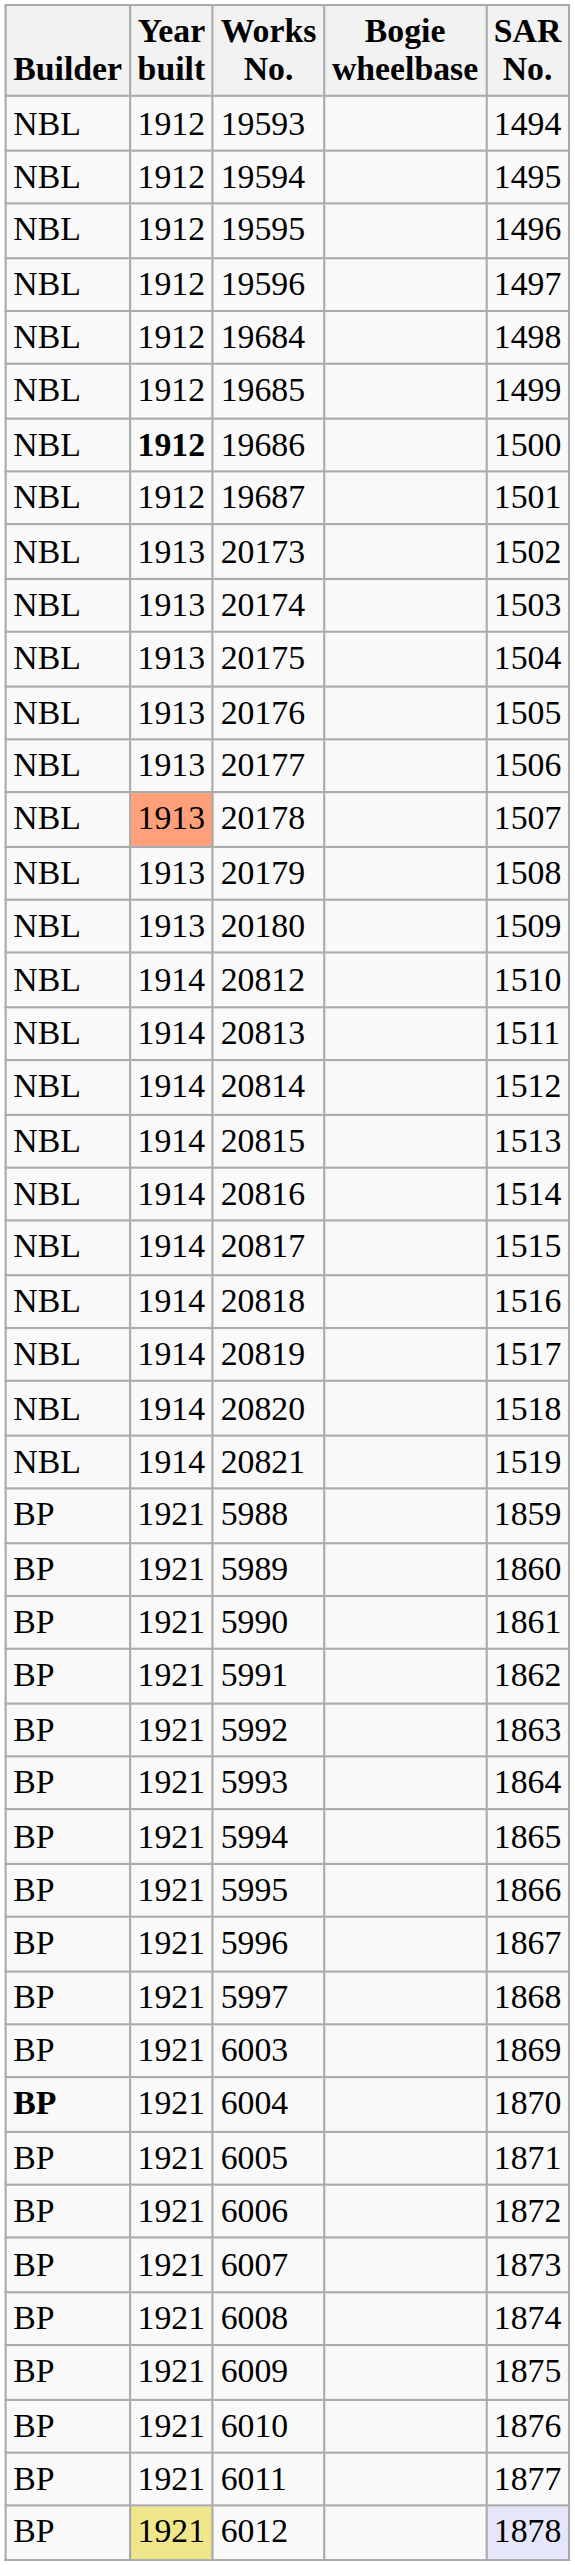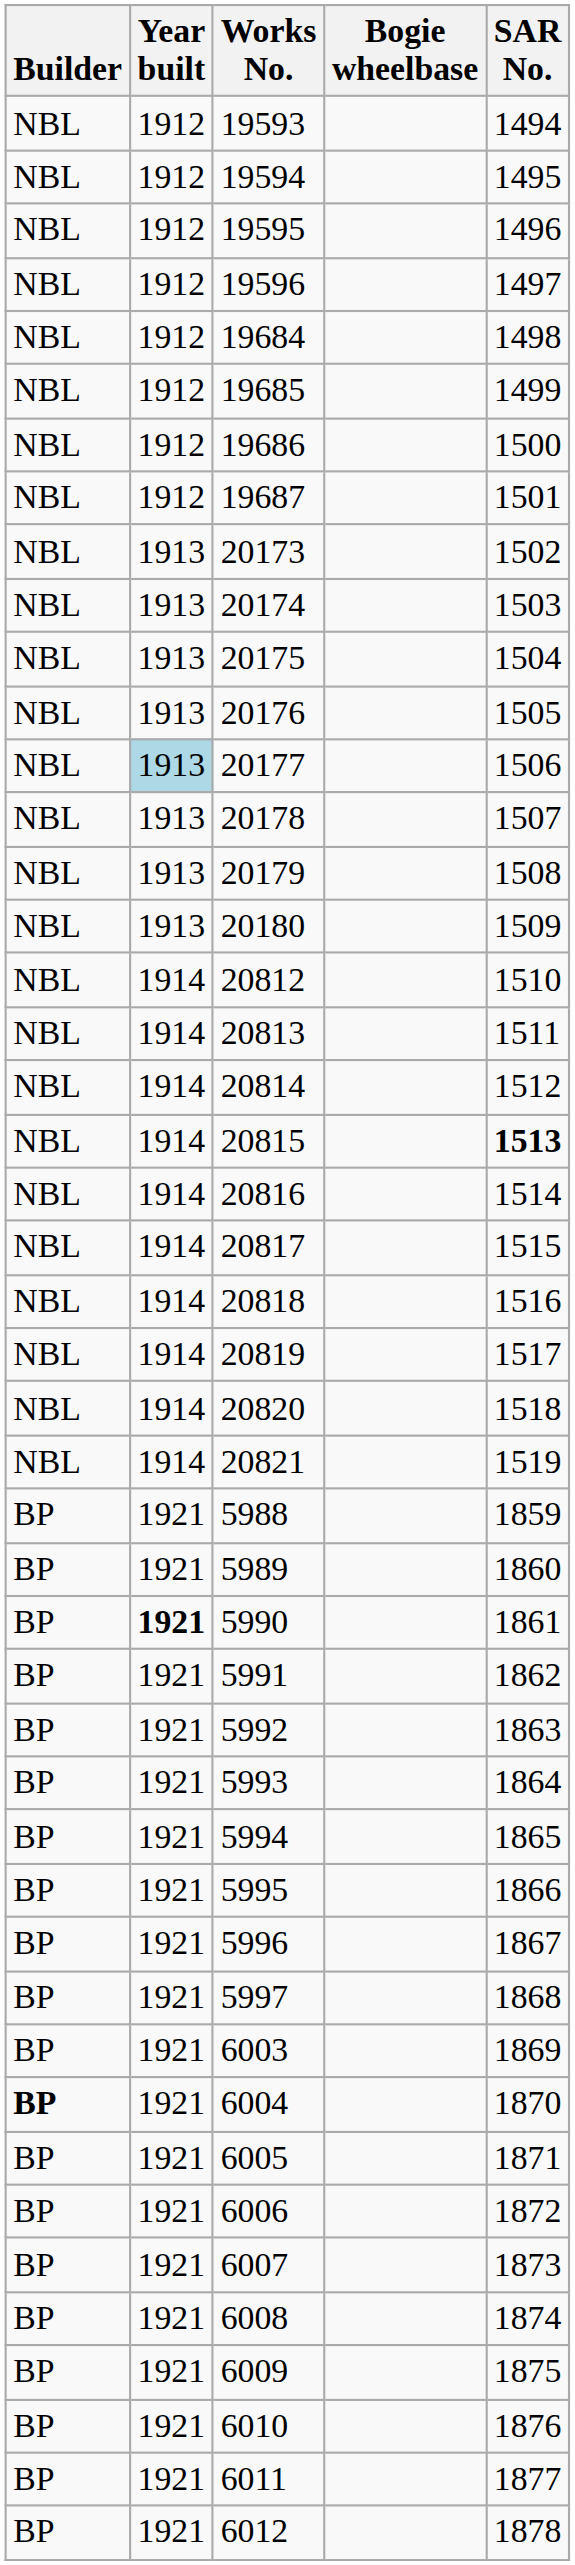 <table class="wikitable collapsible collapsed sortable" style="margin:0.5em auto; font-size:100%;">
 <tr>
 <th><br>Builder</th>
 <th>Year<br>built</th>
 <th>Works<br>No.</th>
 <th>Bogie<br>wheelbase</th>
 <th>SAR<br>No.</th>
 </tr>
 <tr>
 <td>NBL</td>
 <td>1912</td>
 <td>19593</td>
 <td></td>
 <td>1494</td>
 </tr>
 <tr>
 <td>NBL</td>
 <td>1912</td>
 <td>19594</td>
 <td></td>
 <td>1495</td>
 </tr>
 <tr>
 <td>NBL</td>
 <td>1912</td>
 <td>19595</td>
 <td></td>
 <td>1496</td>
 </tr>
 <tr>
 <td>NBL</td>
 <td>1912</td>
 <td>19596</td>
 <td></td>
 <td>1497</td>
 </tr>
 <tr>
 <td>NBL</td>
 <td>1912</td>
 <td>19684</td>
 <td></td>
 <td>1498</td>
 </tr>
 <tr>
 <td>NBL</td>
 <td>1912</td>
 <td>19685</td>
 <td></td>
 <td>1499</td>
 </tr>
 <tr>
 <td>NBL</td>
-<td><strong>1912</strong></td>
+<td>1912</td>
 <td>19686</td>
 <td></td>
 <td>1500</td>
 </tr>
 <tr>
 <td>NBL</td>
 <td>1912</td>
 <td>19687</td>
 <td></td>
 <td>1501</td>
 </tr>
 <tr>
 <td>NBL</td>
 <td>1913</td>
 <td>20173</td>
 <td></td>
 <td>1502</td>
 </tr>
 <tr>
 <td>NBL</td>
 <td>1913</td>
 <td>20174</td>
 <td></td>
 <td>1503</td>
 </tr>
 <tr>
 <td>NBL</td>
 <td>1913</td>
 <td>20175</td>
 <td></td>
 <td>1504</td>
 </tr>
 <tr>
 <td>NBL</td>
 <td>1913</td>
 <td>20176</td>
 <td></td>
 <td>1505</td>
 </tr>
 <tr>
 <td>NBL</td>
-<td>1913</td>
+<td style="background: lightblue;">1913</td>
 <td>20177</td>
 <td></td>
 <td>1506</td>
 </tr>
 <tr>
 <td>NBL</td>
-<td style="background: lightsalmon;">1913</td>
+<td>1913</td>
 <td>20178</td>
 <td></td>
 <td>1507</td>
 </tr>
 <tr>
 <td>NBL</td>
 <td>1913</td>
 <td>20179</td>
 <td></td>
 <td>1508</td>
 </tr>
 <tr>
 <td>NBL</td>
 <td>1913</td>
 <td>20180</td>
 <td></td>
 <td>1509</td>
 </tr>
 <tr>
 <td>NBL</td>
 <td>1914</td>
 <td>20812</td>
 <td></td>
 <td>1510</td>
 </tr>
 <tr>
 <td>NBL</td>
 <td>1914</td>
 <td>20813</td>
 <td></td>
 <td>1511</td>
 </tr>
 <tr>
 <td>NBL</td>
 <td>1914</td>
 <td>20814</td>
 <td></td>
 <td>1512</td>
 </tr>
 <tr>
 <td>NBL</td>
 <td>1914</td>
 <td>20815</td>
 <td></td>
-<td>1513</td>
+<td><strong>1513</strong></td>
 </tr>
 <tr>
 <td>NBL</td>
 <td>1914</td>
 <td>20816</td>
 <td></td>
 <td>1514</td>
 </tr>
 <tr>
 <td>NBL</td>
 <td>1914</td>
 <td>20817</td>
 <td></td>
 <td>1515</td>
 </tr>
 <tr>
 <td>NBL</td>
 <td>1914</td>
 <td>20818</td>
 <td></td>
 <td>1516</td>
 </tr>
 <tr>
 <td>NBL</td>
 <td>1914</td>
 <td>20819</td>
 <td></td>
 <td>1517</td>
 </tr>
 <tr>
 <td>NBL</td>
 <td>1914</td>
 <td>20820</td>
 <td></td>
 <td>1518</td>
 </tr>
 <tr>
 <td>NBL</td>
 <td>1914</td>
 <td>20821</td>
 <td></td>
 <td>1519</td>
 </tr>
 <tr>
 <td>BP</td>
 <td>1921</td>
 <td>5988</td>
 <td></td>
 <td>1859</td>
 </tr>
 <tr>
 <td>BP</td>
 <td>1921</td>
 <td>5989</td>
 <td></td>
 <td>1860</td>
 </tr>
 <tr>
 <td>BP</td>
-<td>1921</td>
+<td><strong>1921</strong></td>
 <td>5990</td>
 <td></td>
 <td>1861</td>
 </tr>
 <tr>
 <td>BP</td>
 <td>1921</td>
 <td>5991</td>
 <td></td>
 <td>1862</td>
 </tr>
 <tr>
 <td>BP</td>
 <td>1921</td>
 <td>5992</td>
 <td></td>
 <td>1863</td>
 </tr>
 <tr>
 <td>BP</td>
 <td>1921</td>
 <td>5993</td>
 <td></td>
 <td>1864</td>
 </tr>
 <tr>
 <td>BP</td>
 <td>1921</td>
 <td>5994</td>
 <td></td>
 <td>1865</td>
 </tr>
 <tr>
 <td>BP</td>
 <td>1921</td>
 <td>5995</td>
 <td></td>
 <td>1866</td>
 </tr>
 <tr>
 <td>BP</td>
 <td>1921</td>
 <td>5996</td>
 <td></td>
 <td>1867</td>
 </tr>
 <tr>
 <td>BP</td>
 <td>1921</td>
 <td>5997</td>
 <td></td>
 <td>1868</td>
 </tr>
 <tr>
 <td>BP</td>
 <td>1921</td>
 <td>6003</td>
 <td></td>
 <td>1869</td>
 </tr>
 <tr>
 <td><strong>BP</strong></td>
 <td>1921</td>
 <td>6004</td>
 <td></td>
 <td>1870</td>
 </tr>
 <tr>
 <td>BP</td>
 <td>1921</td>
 <td>6005</td>
 <td></td>
 <td>1871</td>
 </tr>
 <tr>
 <td>BP</td>
 <td>1921</td>
 <td>6006</td>
 <td></td>
 <td>1872</td>
 </tr>
 <tr>
 <td>BP</td>
 <td>1921</td>
 <td>6007</td>
 <td></td>
 <td>1873</td>
 </tr>
 <tr>
 <td>BP</td>
 <td>1921</td>
 <td>6008</td>
 <td></td>
 <td>1874</td>
 </tr>
 <tr>
 <td>BP</td>
 <td>1921</td>
 <td>6009</td>
 <td></td>
 <td>1875</td>
 </tr>
 <tr>
 <td>BP</td>
 <td>1921</td>
 <td>6010</td>
 <td></td>
 <td>1876</td>
 </tr>
 <tr>
 <td>BP</td>
 <td>1921</td>
 <td>6011</td>
 <td></td>
 <td>1877</td>
 </tr>
 <tr>
 <td>BP</td>
-<td style="background: khaki;">1921</td>
+<td>1921</td>
 <td>6012</td>
 <td></td>
-<td style="background: lavender;">1878</td>
+<td>1878</td>
 </tr>
 <tr>
 </tr>
 </table>
